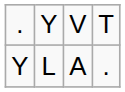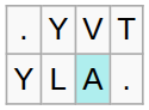 <table class="wikitable" | border="1" style="margin: 1em auto 1em auto">
 <tr>
 <td align="center">.</td>
 <td align="center">Y</td>
 <td align="center">V</td>
 <td align="center">T</td>
 </tr>
 <tr>
 <td align="center">Y</td>
 <td align="center">L</td>
-<td align="center">A</td>
+<td align="center" style="background: paleturquoise;">A</td>
 <td align="center">.</td>
 </tr>
 </table>
